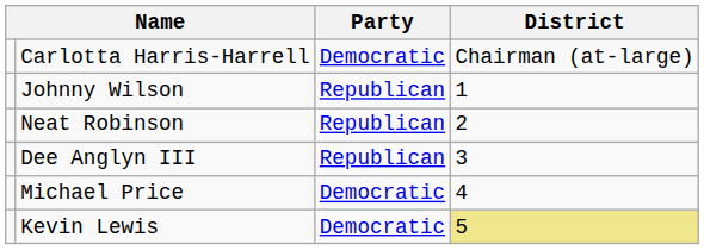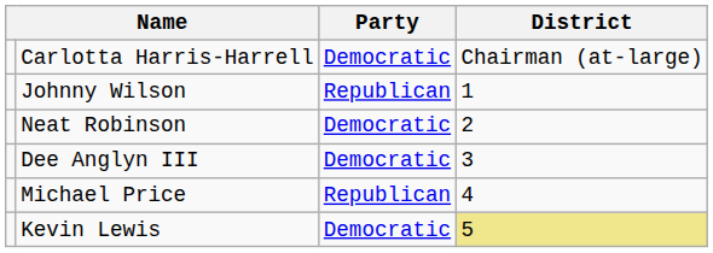 <table class="wikitable">
 <tr>
 <th colspan="2" align="center">Name</th>
 <th align="center">Party</th>
 <th align="center">District</th>
 </tr>
 <tr>
 <td style="background-color:"></td>
 <td>Carlotta Harris-Harrell</td>
 <td style="text-align: center;"><a href='#'>Democratic</a></td>
 <td>Chairman (at-large)</td>
 </tr>
 <tr>
 <td style="background-color:"></td>
 <td>Johnny Wilson</td>
 <td style="text-align: center;"><a href='#'>Republican</a></td>
 <td>1</td>
 </tr>
 <tr>
 <td style="background-color:"></td>
 <td>Neat Robinson</td>
-<td style="text-align: center;"><a href='#'>Republican</a></td>
+<td style="text-align: center;"><a href='#'>Democratic</a></td>
 <td>2</td>
 </tr>
 <tr>
 <td style="background-color:"></td>
 <td>Dee Anglyn III</td>
-<td style="text-align: center;"><a href='#'>Republican</a></td>
+<td style="text-align: center;"><a href='#'>Democratic</a></td>
 <td>3</td>
 </tr>
 <tr>
 <td style="background-color:"></td>
 <td>Michael Price</td>
-<td style="text-align: center;"><a href='#'>Democratic</a></td>
+<td style="text-align: center;"><a href='#'>Republican</a></td>
 <td>4</td>
 </tr>
 <tr>
 <td style="background-color:"></td>
 <td>Kevin Lewis</td>
 <td style="text-align: center;"><a href='#'>Democratic</a></td>
 <td style="background: khaki;">5</td>
 </tr>
 </table>
